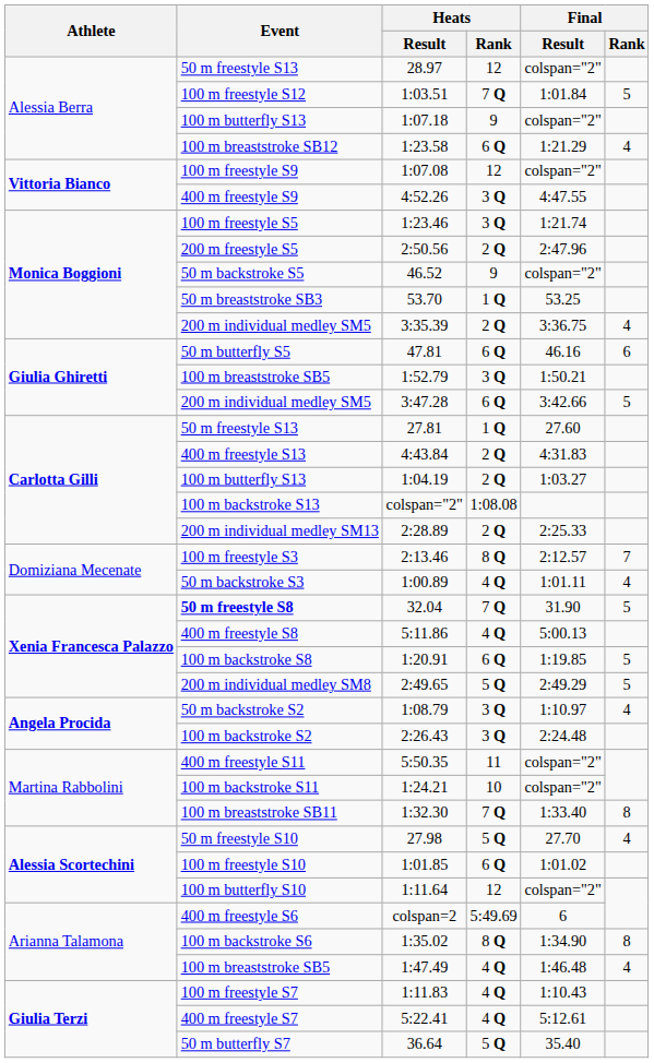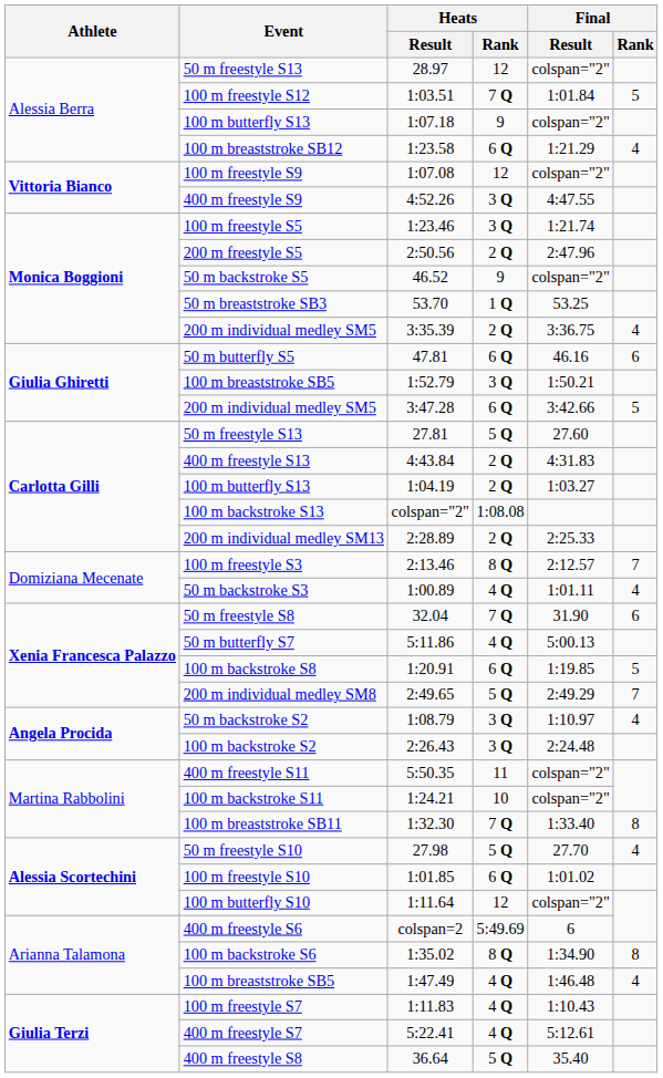 <table class=wikitable style="font-size:90%">
 <tr>
 <th rowspan="2">Athlete</th>
 <th rowspan="2">Event</th>
 <th colspan="2">Heats</th>
 <th colspan="2">Final</th>
 </tr>
 <tr>
 <th>Result</th>
 <th>Rank</th>
 <th>Result</th>
 <th>Rank</th>
 </tr>
 <tr align=center>
 <td rowspan="4" align="left"><a href='#'>Alessia Berra</a></td>
 <td align=left><a href='#'>50 m freestyle S13</a></td>
 <td>28.97</td>
 <td>12</td>
 <td>colspan="2" </td>
 </tr>
 <tr align=center>
 <td align=left><a href='#'>100 m freestyle S12</a></td>
 <td>1:03.51</td>
 <td>7 <strong>Q</strong></td>
 <td>1:01.84</td>
 <td>5</td>
 </tr>
 <tr align=center>
 <td align=left><a href='#'>100 m butterfly S13</a></td>
 <td>1:07.18</td>
 <td>9</td>
 <td>colspan="2"</td>
 </tr>
 <tr align=center>
 <td align=left><a href='#'>100 m breaststroke SB12</a></td>
 <td>1:23.58</td>
 <td>6 <strong>Q</strong></td>
 <td>1:21.29</td>
 <td>4</td>
 </tr>
 <tr align=center>
 <td align=left rowspan=2><strong><a href='#'>Vittoria Bianco</a></strong></td>
 <td align=left><a href='#'>100 m freestyle S9</a></td>
 <td>1:07.08</td>
 <td>12</td>
 <td>colspan="2" </td>
 </tr>
 <tr align=center>
 <td align=left><a href='#'>400 m freestyle S9</a></td>
 <td>4:52.26</td>
 <td>3 <strong>Q</strong></td>
 <td>4:47.55</td>
 <td></td>
 </tr>
 <tr align=center>
 <td align=left rowspan=5><strong><a href='#'>Monica Boggioni</a></strong></td>
 <td align=left><a href='#'>100 m freestyle S5</a></td>
 <td>1:23.46</td>
 <td>3 <strong>Q</strong></td>
 <td>1:21.74</td>
 <td></td>
 </tr>
 <tr align=center>
 <td align=left><a href='#'>200 m freestyle S5</a></td>
 <td>2:50.56</td>
 <td>2 <strong>Q</strong></td>
 <td>2:47.96</td>
 <td></td>
 </tr>
 <tr align=center>
 <td align=left><a href='#'>50 m backstroke S5</a></td>
 <td>46.52</td>
 <td>9</td>
 <td>colspan="2" </td>
 </tr>
 <tr align=center>
 <td align=left><a href='#'>50 m breaststroke SB3</a></td>
 <td>53.70</td>
 <td>1 <strong>Q</strong></td>
 <td>53.25</td>
 <td></td>
 </tr>
 <tr align=center>
 <td align=left><a href='#'>200 m individual medley SM5</a></td>
 <td>3:35.39</td>
 <td>2 <strong>Q</strong></td>
 <td>3:36.75</td>
 <td>4</td>
 </tr>
 <tr align=center>
 <td rowspan="3" align="left"><strong><a href='#'>Giulia Ghiretti</a></strong></td>
 <td align=left><a href='#'>50 m butterfly S5</a></td>
 <td>47.81</td>
 <td>6 <strong>Q</strong></td>
 <td>46.16</td>
 <td>6</td>
 </tr>
 <tr align="center">
 <td align="left"><a href='#'>100 m breaststroke SB5</a></td>
 <td>1:52.79</td>
 <td>3 <strong>Q</strong></td>
 <td>1:50.21</td>
 <td></td>
 </tr>
 <tr align=center>
 <td align=left><a href='#'>200 m individual medley SM5</a></td>
 <td>3:47.28</td>
 <td>6 <strong>Q</strong></td>
 <td>3:42.66</td>
 <td>5</td>
 </tr>
 <tr align=center>
 <td align=left rowspan=5><strong><a href='#'>Carlotta Gilli</a></strong></td>
 <td align=left><a href='#'>50 m freestyle S13</a></td>
 <td>27.81</td>
-<td>1 <strong>Q</strong></td>
+<td>5 <strong>Q</strong></td>
 <td>27.60</td>
 <td></td>
 </tr>
 <tr align=center>
 <td align=left><a href='#'>400 m freestyle S13</a></td>
 <td>4:43.84</td>
 <td>2 <strong>Q</strong></td>
 <td>4:31.83</td>
 <td></td>
 </tr>
 <tr align=center>
 <td align=left><a href='#'>100 m butterfly S13</a></td>
 <td>1:04.19</td>
 <td>2 <strong>Q</strong></td>
 <td>1:03.27</td>
 <td></td>
 </tr>
 <tr align=center>
 <td align=left><a href='#'>100 m backstroke S13</a></td>
 <td>colspan="2" </td>
 <td>1:08.08</td>
 <td></td>
 </tr>
 <tr align=center>
 <td align=left><a href='#'>200 m individual medley SM13</a></td>
 <td>2:28.89</td>
 <td>2 <strong>Q</strong></td>
 <td>2:25.33</td>
 <td></td>
 </tr>
 <tr align=center>
 <td align=left rowspan=2><a href='#'>Domiziana Mecenate</a></td>
 <td align=left><a href='#'>100 m freestyle S3</a></td>
 <td>2:13.46</td>
 <td>8 <strong>Q</strong></td>
 <td>2:12.57</td>
 <td>7</td>
 </tr>
 <tr align=center>
 <td align=left><a href='#'>50 m backstroke S3</a></td>
 <td>1:00.89</td>
 <td>4 <strong>Q</strong></td>
 <td>1:01.11</td>
 <td>4</td>
 </tr>
 <tr align=center>
 <td align=left rowspan=4><strong><a href='#'>Xenia Francesca Palazzo</a></strong></td>
-<td align=left><strong><a href='#'>50 m freestyle S8</a></strong></td>
+<td align=left><a href='#'>50 m freestyle S8</a></td>
 <td>32.04</td>
 <td>7 <strong>Q</strong></td>
 <td>31.90</td>
-<td>5</td>
+<td>6</td>
 </tr>
 <tr align=center>
-<td align=left><a href='#'>400 m freestyle S8</a></td>
+<td align=left><a href='#'>50 m butterfly S7</a></td>
 <td>5:11.86</td>
 <td>4 <strong>Q</strong></td>
 <td>5:00.13</td>
 <td></td>
 </tr>
 <tr align=center>
 <td align=left><a href='#'>100 m backstroke S8</a></td>
 <td>1:20.91</td>
 <td>6 <strong>Q</strong></td>
 <td>1:19.85</td>
 <td>5</td>
 </tr>
 <tr align=center>
 <td align=left><a href='#'>200 m individual medley SM8</a></td>
 <td>2:49.65</td>
 <td>5 <strong>Q</strong></td>
 <td>2:49.29</td>
-<td>5</td>
+<td>7</td>
 </tr>
 <tr align=center>
 <td align=left rowspan=2><strong><a href='#'>Angela Procida</a></strong></td>
 <td align=left><a href='#'>50 m backstroke S2</a></td>
 <td>1:08.79</td>
 <td>3 <strong>Q</strong></td>
 <td>1:10.97</td>
 <td>4</td>
 </tr>
 <tr align=center>
 <td align=left><a href='#'>100 m backstroke S2</a></td>
 <td>2:26.43</td>
 <td>3 <strong>Q</strong></td>
 <td>2:24.48</td>
 <td></td>
 </tr>
 <tr align=center>
 <td align=left rowspan=3><a href='#'>Martina Rabbolini</a></td>
 <td align=left><a href='#'>400 m freestyle S11</a></td>
 <td>5:50.35</td>
 <td>11</td>
 <td>colspan="2" </td>
 </tr>
 <tr align=center>
 <td align=left><a href='#'>100 m backstroke S11</a></td>
 <td>1:24.21</td>
 <td>10</td>
 <td>colspan="2" </td>
 </tr>
 <tr align=center>
 <td align=left><a href='#'>100 m breaststroke SB11</a></td>
 <td>1:32.30</td>
 <td>7 <strong>Q</strong></td>
 <td>1:33.40</td>
 <td>8</td>
 </tr>
 <tr align=center>
 <td align=left rowspan=3><strong><a href='#'>Alessia Scortechini</a></strong></td>
 <td align=left><a href='#'>50 m freestyle S10</a></td>
 <td>27.98</td>
 <td>5 <strong>Q</strong></td>
 <td>27.70</td>
 <td>4</td>
 </tr>
 <tr align=center>
 <td align=left><a href='#'>100 m freestyle S10</a></td>
 <td>1:01.85</td>
 <td>6 <strong>Q</strong></td>
 <td>1:01.02</td>
 <td></td>
 </tr>
 <tr align=center>
 <td align=left><a href='#'>100 m butterfly S10</a></td>
 <td>1:11.64</td>
 <td>12</td>
 <td>colspan="2" </td>
 </tr>
 <tr align=center>
 <td align=left rowspan=3><a href='#'>Arianna Talamona</a></td>
 <td align=left><a href='#'>400 m freestyle S6</a></td>
 <td>colspan=2 </td>
 <td>5:49.69</td>
 <td>6</td>
 </tr>
 <tr align=center>
 <td align=left><a href='#'>100 m backstroke S6</a></td>
 <td>1:35.02</td>
 <td>8 <strong>Q</strong></td>
 <td>1:34.90</td>
 <td>8</td>
 </tr>
 <tr align=center>
 <td align=left><a href='#'>100 m breaststroke SB5</a></td>
 <td>1:47.49</td>
 <td>4 <strong>Q</strong></td>
 <td>1:46.48</td>
 <td>4</td>
 </tr>
 <tr align=center>
 <td align=left rowspan=3><strong><a href='#'>Giulia Terzi</a></strong></td>
 <td align=left><a href='#'>100 m freestyle S7</a></td>
 <td>1:11.83</td>
 <td>4 <strong>Q</strong></td>
 <td>1:10.43</td>
 <td></td>
 </tr>
 <tr align=center>
 <td align=left><a href='#'>400 m freestyle S7</a></td>
 <td>5:22.41</td>
 <td>4 <strong>Q</strong></td>
 <td>5:12.61</td>
 <td></td>
 </tr>
 <tr align=center>
-<td align=left><a href='#'>50 m butterfly S7</a></td>
+<td align=left><a href='#'>400 m freestyle S8</a></td>
 <td>36.64</td>
 <td>5 <strong>Q</strong></td>
 <td>35.40</td>
 <td></td>
 </tr>
 </table>
